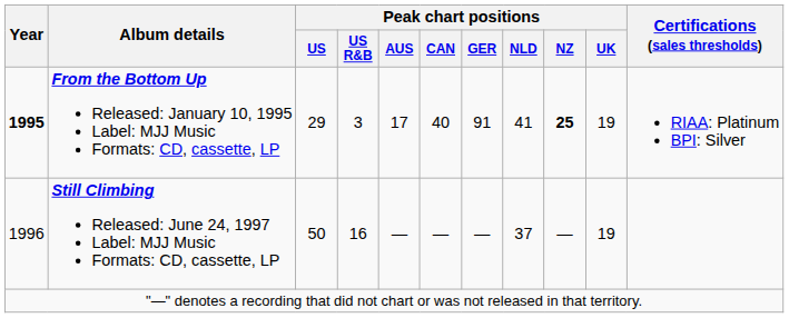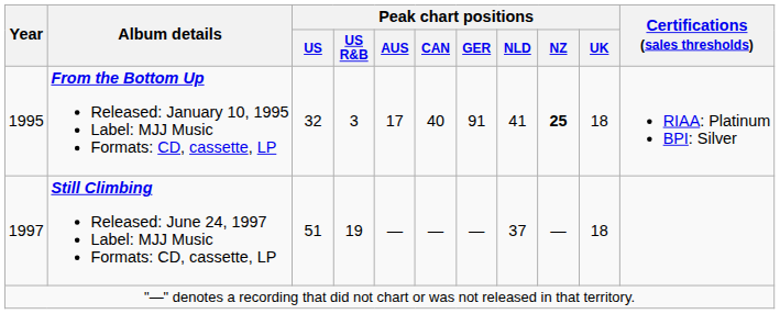 <table class="wikitable" style="text-align:center;">
 <tr>
 <th rowspan="2">Year</th>
 <th rowspan="2">Album details</th>
 <th colspan="8">Peak chart positions</th>
 <th rowspan="2"><a href='#'>Certifications</a><br><small>(<a href='#'>sales thresholds</a>)</small></th>
 </tr>
 <tr style="font-size:smaller;">
 <th width="35"><a href='#'>US</a><br></th>
 <th width="35"><a href='#'>US<br>R&B</a><br></th>
 <th width="35"><a href='#'>AUS</a><br></th>
 <th width="35"><a href='#'>CAN</a><br></th>
 <th width="35"><a href='#'>GER</a><br></th>
 <th width="35"><a href='#'>NLD</a><br></th>
 <th width="35"><a href='#'>NZ</a><br></th>
 <th width="35"><a href='#'>UK</a><br></th>
 </tr>
 <tr>
-<td rowspan="1"><strong>1995</strong></td>
+<td rowspan="1">1995</td>
 <td align="left"><strong><em><a href='#'>From the Bottom Up</a></em></strong><br><ul><li>Released: January 10, 1995</li><li>Label: MJJ Music</li><li>Formats: <a href='#'>CD</a>, <a href='#'>cassette</a>, <a href='#'>LP</a></li></ul></td>
-<td>29</td>
+<td>32</td>
 <td>3</td>
 <td>17</td>
 <td>40</td>
 <td>91</td>
 <td>41</td>
 <td><strong>25</strong></td>
-<td>19</td>
+<td>18</td>
 <td align=left><br><ul><li><a href='#'>RIAA</a>: Platinum</li><li><a href='#'>BPI</a>: Silver</li></ul></td>
 </tr>
 <tr>
-<td rowspan="1">1996</td>
+<td rowspan="1">1997</td>
 <td align="left"><strong><em><a href='#'>Still Climbing</a></em></strong><br><ul><li>Released: June 24, 1997</li><li>Label: MJJ Music</li><li>Formats: CD, cassette, LP</li></ul></td>
-<td>50</td>
-<td>16</td>
+<td>51</td>
+<td>19</td>
 <td>—</td>
 <td>—</td>
 <td>—</td>
 <td>37</td>
 <td>—</td>
-<td>19</td>
+<td>18</td>
 <td></td>
 </tr>
 <tr>
 <td colspan="15" style="font-size:90%">"—" denotes a recording that did not chart or was not released in that territory.</td>
 </tr>
 </table>
